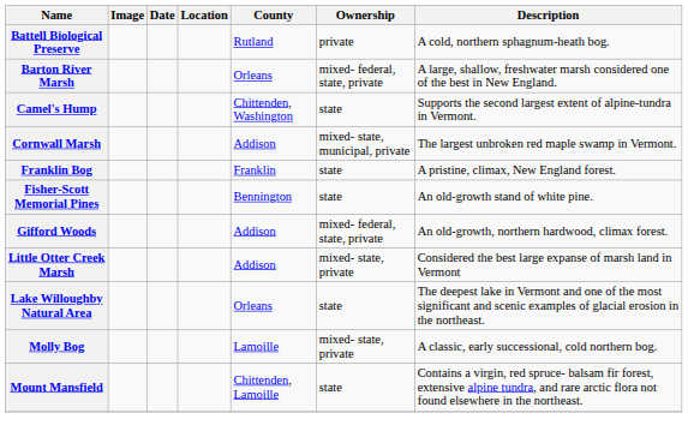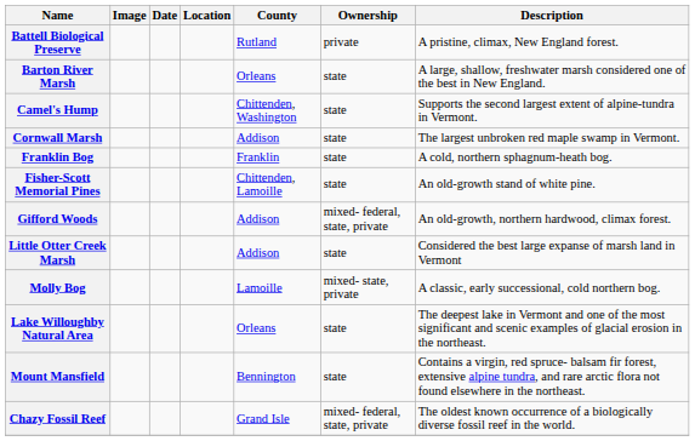 <table class="wikitable sortable" align="center">
 <tr>
 <th style="background-color:">Name</th>
 <th style="background-color:">Image</th>
 <th style="background-color:">Date</th>
 <th style="background-color:">Location</th>
 <th style="background-color:">County</th>
 <th style="background-color:">Ownership</th>
 <th style="background-color:">Description</th>
 </tr>
 <tr>
 <th><a href='#'>Battell Biological Preserve</a></th>
 <td></td>
 <td></td>
 <td></td>
 <td><a href='#'>Rutland</a></td>
 <td>private</td>
-<td>A cold, northern sphagnum-heath bog.</td>
+<td>A pristine, climax, New England forest.</td>
 </tr>
 <tr>
 <th><a href='#'>Barton River Marsh</a></th>
 <td></td>
 <td></td>
 <td></td>
 <td><a href='#'>Orleans</a></td>
-<td>mixed- federal, state, private</td>
+<td>state</td>
 <td>A large, shallow, freshwater marsh considered one of the best in New England.</td>
 </tr>
 <tr>
 <th><a href='#'>Camel's Hump</a></th>
 <td></td>
 <td></td>
 <td></td>
 <td><a href='#'>Chittenden</a>, <a href='#'>Washington</a></td>
 <td>state</td>
 <td>Supports the second largest extent of alpine-tundra in Vermont.</td>
 </tr>
 <tr>
 <th><a href='#'>Cornwall Marsh</a></th>
 <td></td>
 <td></td>
 <td></td>
 <td><a href='#'>Addison</a></td>
-<td>mixed- state, municipal, private</td>
+<td>state</td>
 <td>The largest unbroken red maple swamp in Vermont.</td>
 </tr>
 <tr>
 <th><a href='#'>Franklin Bog</a></th>
 <td></td>
 <td></td>
 <td></td>
 <td><a href='#'>Franklin</a></td>
 <td>state</td>
-<td>A pristine, climax, New England forest.</td>
+<td>A cold, northern sphagnum-heath bog.</td>
 </tr>
 <tr>
 <th><a href='#'>Fisher-Scott Memorial Pines</a></th>
 <td></td>
 <td></td>
 <td></td>
-<td><a href='#'>Bennington</a></td>
+<td><a href='#'>Chittenden</a>, <a href='#'>Lamoille</a></td>
 <td>state</td>
 <td>An old-growth stand of white pine.</td>
 </tr>
 <tr>
 <th><a href='#'>Gifford Woods</a></th>
 <td></td>
 <td></td>
 <td></td>
 <td><a href='#'>Addison</a></td>
 <td>mixed- federal, state, private</td>
 <td>An old-growth, northern hardwood, climax forest.</td>
 </tr>
 <tr>
 <th><a href='#'>Little Otter Creek Marsh</a></th>
 <td></td>
 <td></td>
 <td></td>
 <td><a href='#'>Addison</a></td>
+<td>state</td>
+<td>Considered the best large expanse of marsh land in Vermont</td>
+</tr>
+<tr>
+<th><a href='#'>Molly Bog</a></th>
+<td></td>
+<td></td>
+<td></td>
+<td><a href='#'>Lamoille</a></td>
 <td>mixed- state, private</td>
-<td>Considered the best large expanse of marsh land in Vermont</td>
+<td>A classic, early successional, cold northern bog.</td>
 </tr>
 <tr>
 <th><a href='#'>Lake Willoughby Natural Area</a></th>
 <td></td>
 <td></td>
 <td></td>
 <td><a href='#'>Orleans</a></td>
 <td>state</td>
 <td>The deepest lake in Vermont and one of the most significant and scenic examples of glacial erosion in the northeast.</td>
 </tr>
 <tr>
-<th><a href='#'>Molly Bog</a></th>
-<td></td>
-<td></td>
-<td></td>
-<td><a href='#'>Lamoille</a></td>
-<td>mixed- state, private</td>
-<td>A classic, early successional, cold northern bog.</td>
-</tr>
-<tr>
 <th><a href='#'>Mount Mansfield</a></th>
 <td></td>
 <td></td>
 <td></td>
-<td><a href='#'>Chittenden</a>, <a href='#'>Lamoille</a></td>
+<td><a href='#'>Bennington</a></td>
 <td>state</td>
 <td>Contains a virgin, red spruce- balsam fir forest, extensive <a href='#'>alpine tundra</a>, and rare arctic flora not found elsewhere in the northeast.</td>
 </tr>
 <tr>
+<th><a href='#'>Chazy Fossil Reef</a></th>
+<td></td>
+<td></td>
+<td></td>
+<td><a href='#'>Grand Isle</a></td>
+<td>mixed- federal, state, private</td>
+<td>The oldest known occurrence of a biologically diverse fossil reef in the world.</td>
+</tr>
+<tr>
 </tr>
 </table>
